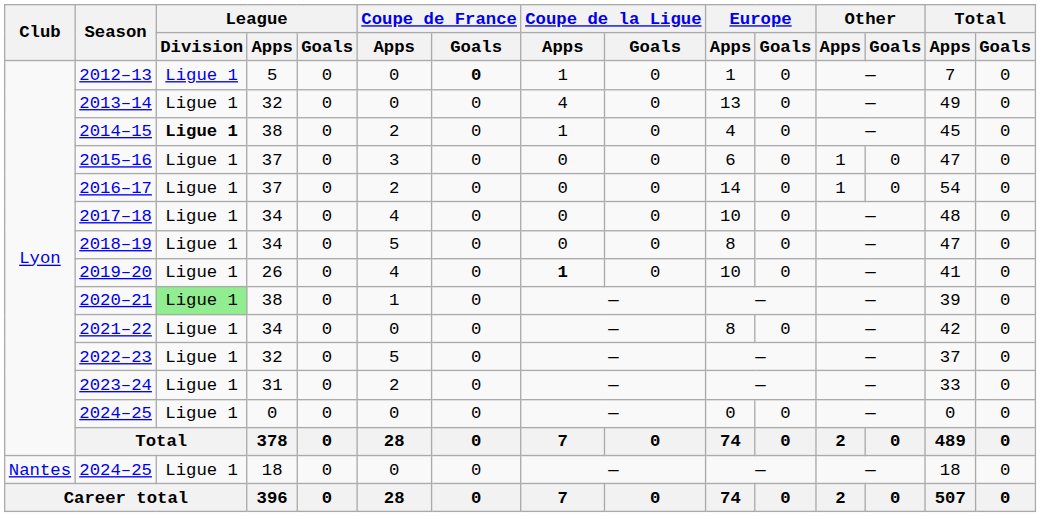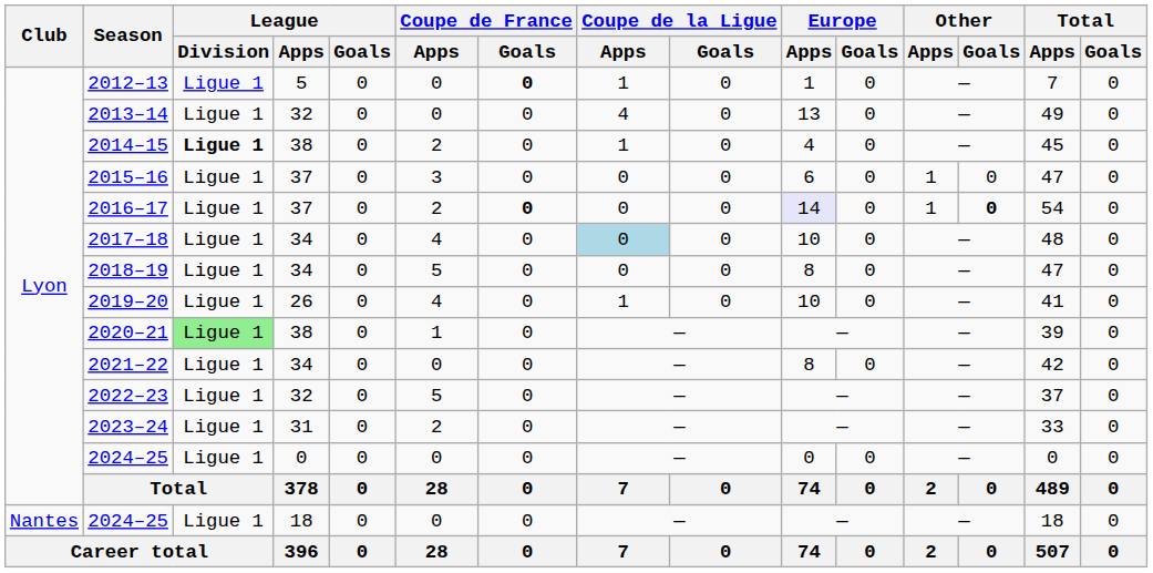 <table class="wikitable" style="text-align:center">
 <tr>
 <th rowspan="2">Club</th>
 <th rowspan="2">Season</th>
 <th colspan="3">League</th>
 <th colspan="2"><a href='#'>Coupe de France</a></th>
 <th colspan="2"><a href='#'>Coupe de la Ligue</a></th>
 <th colspan="2"><a href='#'>Europe</a></th>
 <th colspan="2">Other</th>
 <th colspan="2">Total</th>
 </tr>
 <tr>
 <th>Division</th>
 <th>Apps</th>
 <th>Goals</th>
 <th>Apps</th>
 <th>Goals</th>
 <th>Apps</th>
 <th>Goals</th>
 <th>Apps</th>
 <th>Goals</th>
 <th>Apps</th>
 <th>Goals</th>
 <th>Apps</th>
 <th>Goals</th>
 </tr>
 <tr>
 <td rowspan="14"><a href='#'>Lyon</a></td>
 <td><a href='#'>2012–13</a></td>
 <td><a href='#'>Ligue 1</a></td>
 <td>5</td>
 <td>0</td>
 <td>0</td>
 <td><strong>0</strong></td>
 <td>1</td>
 <td>0</td>
 <td>1</td>
 <td>0</td>
 <td colspan="2">—</td>
 <td>7</td>
 <td>0</td>
 </tr>
 <tr>
 <td><a href='#'>2013–14</a></td>
 <td>Ligue 1</td>
 <td>32</td>
 <td>0</td>
 <td>0</td>
 <td>0</td>
 <td>4</td>
 <td>0</td>
 <td>13</td>
 <td>0</td>
 <td colspan="2">—</td>
 <td>49</td>
 <td>0</td>
 </tr>
 <tr>
 <td><a href='#'>2014–15</a></td>
 <td><strong>Ligue 1</strong></td>
 <td>38</td>
 <td>0</td>
 <td>2</td>
 <td>0</td>
 <td>1</td>
 <td>0</td>
 <td>4</td>
 <td>0</td>
 <td colspan="2">—</td>
 <td>45</td>
 <td>0</td>
 </tr>
 <tr>
 <td><a href='#'>2015–16</a></td>
 <td>Ligue 1</td>
 <td>37</td>
 <td>0</td>
 <td>3</td>
 <td>0</td>
 <td>0</td>
 <td>0</td>
 <td>6</td>
 <td>0</td>
 <td>1</td>
 <td>0</td>
 <td>47</td>
 <td>0</td>
 </tr>
 <tr>
 <td><a href='#'>2016–17</a></td>
 <td>Ligue 1</td>
 <td>37</td>
 <td>0</td>
 <td>2</td>
+<td><strong>0</strong></td>
 <td>0</td>
 <td>0</td>
-<td>0</td>
-<td>14</td>
+<td style="background: lavender;">14</td>
 <td>0</td>
 <td>1</td>
-<td>0</td>
+<td><strong>0</strong></td>
 <td>54</td>
 <td>0</td>
 </tr>
 <tr>
 <td><a href='#'>2017–18</a></td>
 <td>Ligue 1</td>
 <td>34</td>
 <td>0</td>
 <td>4</td>
 <td>0</td>
-<td>0</td>
+<td style="background: lightblue;">0</td>
 <td>0</td>
 <td>10</td>
 <td>0</td>
 <td colspan="2">—</td>
 <td>48</td>
 <td>0</td>
 </tr>
 <tr>
 <td><a href='#'>2018–19</a></td>
 <td>Ligue 1</td>
 <td>34</td>
 <td>0</td>
 <td>5</td>
 <td>0</td>
 <td>0</td>
 <td>0</td>
 <td>8</td>
 <td>0</td>
 <td colspan="2">—</td>
 <td>47</td>
 <td>0</td>
 </tr>
 <tr>
 <td><a href='#'>2019–20</a></td>
 <td>Ligue 1</td>
 <td>26</td>
 <td>0</td>
 <td>4</td>
 <td>0</td>
-<td><strong>1</strong></td>
+<td>1</td>
 <td>0</td>
 <td>10</td>
 <td>0</td>
 <td colspan="2">—</td>
 <td>41</td>
 <td>0</td>
 </tr>
 <tr>
 <td><a href='#'>2020–21</a></td>
 <td style="background: lightgreen;">Ligue 1</td>
 <td>38</td>
 <td>0</td>
 <td>1</td>
 <td>0</td>
 <td colspan="2">—</td>
 <td colspan="2">—</td>
 <td colspan="2">—</td>
 <td>39</td>
 <td>0</td>
 </tr>
 <tr>
 <td><a href='#'>2021–22</a></td>
 <td>Ligue 1</td>
 <td>34</td>
 <td>0</td>
 <td>0</td>
 <td>0</td>
 <td colspan="2">—</td>
 <td>8</td>
 <td>0</td>
 <td colspan="2">—</td>
 <td>42</td>
 <td>0</td>
 </tr>
 <tr>
 <td><a href='#'>2022–23</a></td>
 <td>Ligue 1</td>
 <td>32</td>
 <td>0</td>
 <td>5</td>
 <td>0</td>
 <td colspan="2">—</td>
 <td colspan="2">—</td>
 <td colspan="2">—</td>
 <td>37</td>
 <td>0</td>
 </tr>
 <tr>
 <td><a href='#'>2023–24</a></td>
 <td>Ligue 1</td>
 <td>31</td>
 <td>0</td>
 <td>2</td>
 <td>0</td>
 <td colspan="2">—</td>
 <td colspan="2">—</td>
 <td colspan="2">—</td>
 <td>33</td>
 <td>0</td>
 </tr>
 <tr>
 <td><a href='#'>2024–25</a></td>
 <td>Ligue 1</td>
 <td>0</td>
 <td>0</td>
 <td>0</td>
 <td>0</td>
 <td colspan="2">—</td>
 <td>0</td>
 <td>0</td>
 <td colspan="2">—</td>
 <td>0</td>
 <td>0</td>
 </tr>
 <tr>
 <th colspan="2">Total</th>
 <th>378</th>
 <th>0</th>
 <th>28</th>
 <th>0</th>
 <th>7</th>
 <th>0</th>
 <th>74</th>
 <th>0</th>
 <th>2</th>
 <th>0</th>
 <th>489</th>
 <th>0</th>
 </tr>
 <tr>
 <td><a href='#'>Nantes</a></td>
 <td><a href='#'>2024–25</a></td>
 <td>Ligue 1</td>
 <td>18</td>
 <td>0</td>
 <td>0</td>
 <td>0</td>
 <td colspan="2">—</td>
 <td colspan="2">—</td>
 <td colspan="2">—</td>
 <td>18</td>
 <td>0</td>
 </tr>
 <tr>
 <th colspan="3">Career total</th>
 <th>396</th>
 <th>0</th>
 <th>28</th>
 <th>0</th>
 <th>7</th>
 <th>0</th>
 <th>74</th>
 <th>0</th>
 <th>2</th>
 <th>0</th>
 <th>507</th>
 <th>0</th>
 </tr>
 </table>
